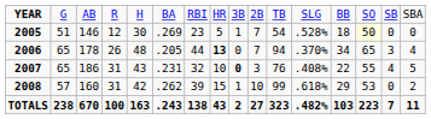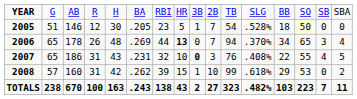 <table class="wikitable">
 <tr align=center>
 <td><strong>YEAR</strong></td>
 <td><a href='#'>G</a></td>
 <td><a href='#'>AB</a></td>
 <td><a href='#'>R</a></td>
 <td><a href='#'>H</a></td>
 <td><a href='#'>BA</a></td>
 <td><a href='#'>RBI</a></td>
 <td><a href='#'>HR</a></td>
 <td><a href='#'>3B</a></td>
 <td><a href='#'>2B</a></td>
 <td><a href='#'>TB</a></td>
 <td><a href='#'>SLG</a></td>
 <td><a href='#'>BB</a></td>
 <td><a href='#'>SO</a></td>
 <td><a href='#'>SB</a></td>
 <td>SBA</td>
 </tr>
 <tr align=center>
 <td><strong>2005</strong></td>
 <td>51</td>
 <td>146</td>
 <td>12</td>
 <td>30</td>
-<td>.269</td>
+<td>.205</td>
 <td>23</td>
 <td>5</td>
 <td>1</td>
 <td>7</td>
 <td>54</td>
 <td>.528%</td>
 <td>18</td>
 <td style="background: lightyellow;">50</td>
 <td>0</td>
 <td>0</td>
 </tr>
 <tr align=center>
 <td><strong>2006</strong></td>
 <td>65</td>
 <td>178</td>
 <td>26</td>
 <td>48</td>
-<td>.205</td>
+<td>.269</td>
 <td>44</td>
 <td><strong>13</strong></td>
 <td>0</td>
 <td>7</td>
 <td>94</td>
 <td>.370%</td>
 <td>34</td>
 <td>65</td>
 <td>3</td>
 <td>4</td>
 </tr>
 <tr align=center>
 <td><strong>2007</strong></td>
 <td>65</td>
 <td>186</td>
 <td>31</td>
 <td>43</td>
 <td>.231</td>
 <td>32</td>
 <td>10</td>
 <td><strong>0</strong></td>
 <td>3</td>
 <td>76</td>
 <td>.408%</td>
 <td>22</td>
 <td>55</td>
 <td>4</td>
 <td>5</td>
 </tr>
 <tr align=center>
 <td><strong>2008</strong></td>
 <td>57</td>
 <td>160</td>
 <td>31</td>
 <td>42</td>
 <td>.262</td>
 <td>39</td>
 <td>15</td>
 <td>1</td>
 <td>10</td>
 <td>99</td>
 <td>.618%</td>
 <td>29</td>
 <td>53</td>
 <td>0</td>
 <td>2</td>
 </tr>
 <tr align=center>
 <td><strong>TOTALS</strong></td>
 <td><strong>238</strong></td>
 <td><strong>670</strong></td>
 <td><strong>100</strong></td>
 <td><strong>163</strong></td>
 <td><strong>.243</strong></td>
 <td><strong>138</strong></td>
 <td><strong>43</strong></td>
 <td><strong>2</strong></td>
 <td><strong>27</strong></td>
 <td><strong>323</strong></td>
 <td><strong>.482%</strong></td>
 <td><strong>103</strong></td>
 <td><strong>223</strong></td>
 <td><strong>7</strong></td>
 <td><strong>11</strong></td>
 </tr>
 </table>
